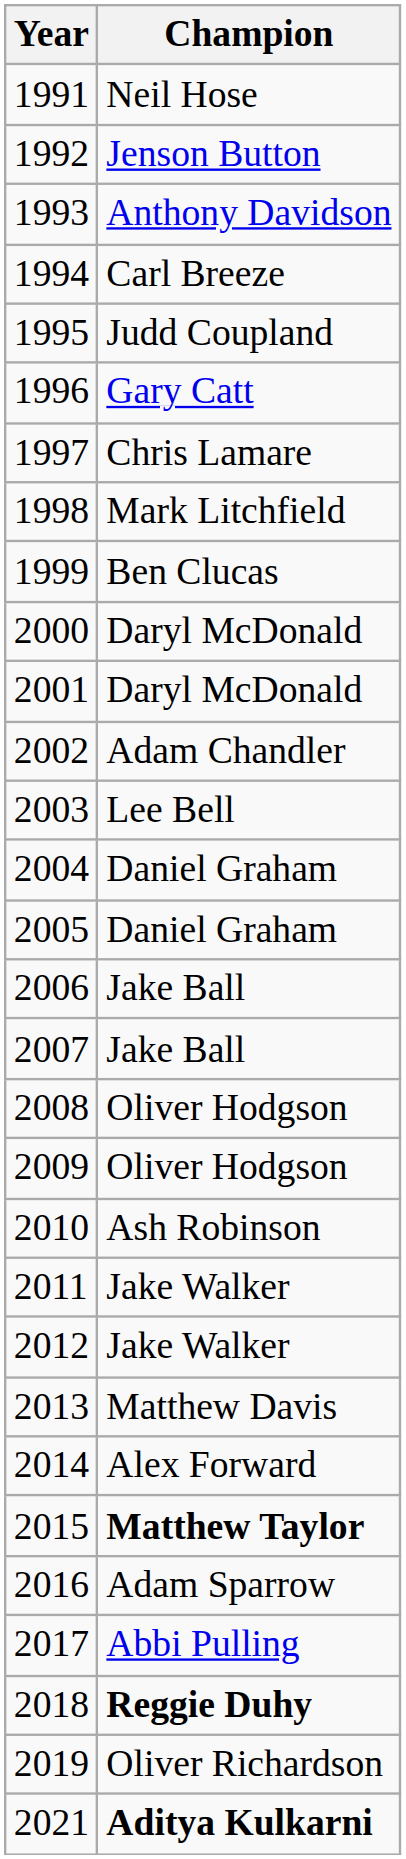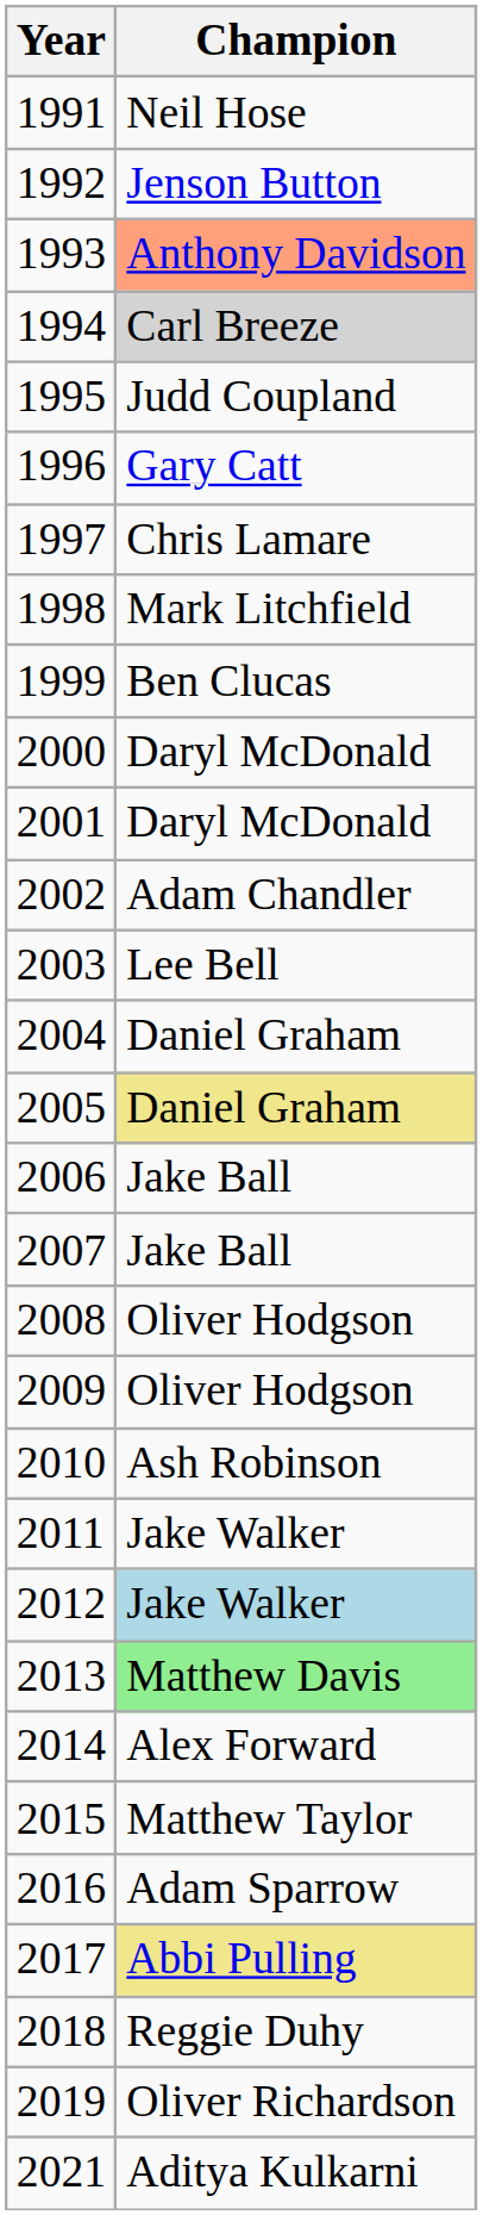 <table class="wikitable">
 <tr>
 <th>Year</th>
 <th>Champion</th>
 </tr>
 <tr>
 <td>1991</td>
 <td>Neil Hose</td>
 </tr>
 <tr>
 <td>1992</td>
 <td><a href='#'>Jenson Button</a></td>
 </tr>
 <tr>
 <td>1993</td>
-<td><a href='#'>Anthony Davidson</a></td>
+<td style="background: lightsalmon;"><a href='#'>Anthony Davidson</a></td>
 </tr>
 <tr>
 <td>1994</td>
-<td>Carl Breeze</td>
+<td style="background: lightgrey;">Carl Breeze</td>
 </tr>
 <tr>
 <td>1995</td>
 <td>Judd Coupland</td>
 </tr>
 <tr>
 <td>1996</td>
 <td><a href='#'>Gary Catt</a></td>
 </tr>
 <tr>
 <td>1997</td>
 <td>Chris Lamare</td>
 </tr>
 <tr>
 <td>1998</td>
 <td>Mark Litchfield</td>
 </tr>
 <tr>
 <td>1999</td>
 <td>Ben Clucas</td>
 </tr>
 <tr>
 <td>2000</td>
 <td>Daryl McDonald</td>
 </tr>
 <tr>
 <td>2001</td>
 <td>Daryl McDonald</td>
 </tr>
 <tr>
 <td>2002</td>
 <td>Adam Chandler</td>
 </tr>
 <tr>
 <td>2003</td>
 <td>Lee Bell</td>
 </tr>
 <tr>
 <td>2004</td>
 <td>Daniel Graham</td>
 </tr>
 <tr>
 <td>2005</td>
-<td>Daniel Graham</td>
+<td style="background: khaki;">Daniel Graham</td>
 </tr>
 <tr>
 <td>2006</td>
 <td>Jake Ball</td>
 </tr>
 <tr>
 <td>2007</td>
 <td>Jake Ball</td>
 </tr>
 <tr>
 <td>2008</td>
 <td>Oliver Hodgson</td>
 </tr>
 <tr>
 <td>2009</td>
 <td>Oliver Hodgson</td>
 </tr>
 <tr>
 <td>2010</td>
 <td>Ash Robinson</td>
 </tr>
 <tr>
 <td>2011</td>
 <td>Jake Walker</td>
 </tr>
 <tr>
 <td>2012</td>
-<td>Jake Walker</td>
+<td style="background: lightblue;">Jake Walker</td>
 </tr>
 <tr>
 <td>2013</td>
-<td>Matthew Davis</td>
+<td style="background: lightgreen;">Matthew Davis</td>
 </tr>
 <tr>
 <td>2014</td>
 <td>Alex Forward</td>
 </tr>
 <tr>
 <td>2015</td>
-<td><strong>Matthew Taylor</strong></td>
+<td>Matthew Taylor</td>
 </tr>
 <tr>
 <td>2016</td>
 <td>Adam Sparrow</td>
 </tr>
 <tr>
 <td>2017</td>
-<td><a href='#'>Abbi Pulling</a></td>
+<td style="background: khaki;"><a href='#'>Abbi Pulling</a></td>
 </tr>
 <tr>
 <td>2018</td>
-<td><strong>Reggie Duhy</strong></td>
+<td>Reggie Duhy</td>
 </tr>
 <tr>
 <td>2019</td>
 <td>Oliver Richardson</td>
 </tr>
 <tr>
 <td>2021</td>
-<td><strong>Aditya Kulkarni</strong></td>
+<td>Aditya Kulkarni</td>
 </tr>
 </table>
